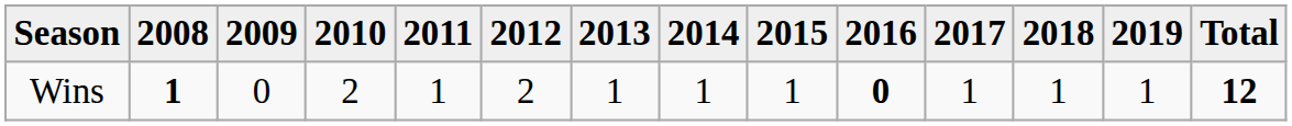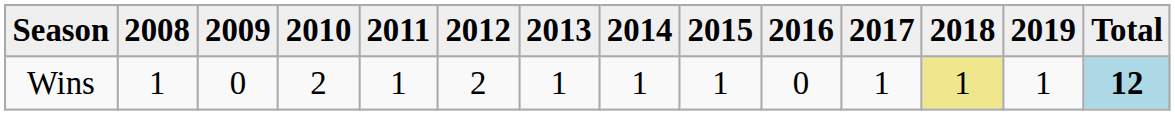 <table class="wikitable sortable">
 <tr style=background:#efefef;font-weight:bold>
 <td>Season</td>
 <td>2008</td>
 <td>2009</td>
 <td>2010</td>
 <td>2011</td>
 <td>2012</td>
 <td>2013</td>
 <td>2014</td>
 <td>2015</td>
 <td>2016</td>
 <td>2017</td>
 <td>2018</td>
 <td>2019</td>
 <td><strong>Total</strong></td>
 </tr>
 <tr align=center>
 <td>Wins</td>
-<td><strong>1</strong></td>
+<td>1</td>
 <td>0</td>
 <td>2</td>
 <td>1</td>
 <td>2</td>
 <td>1</td>
 <td>1</td>
 <td>1</td>
-<td><strong>0</strong></td>
+<td>0</td>
 <td>1</td>
+<td style="background: khaki;">1</td>
 <td>1</td>
-<td>1</td>
-<td><strong>12</strong></td>
+<td style="background: lightblue;"><strong>12</strong></td>
 </tr>
 </table>
